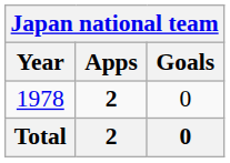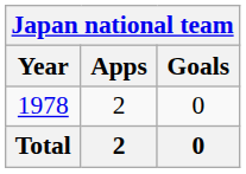 <table class="wikitable" style="text-align:center">
 <tr>
 <th colspan=3><a href='#'>Japan national team</a></th>
 </tr>
 <tr>
 <th>Year</th>
 <th>Apps</th>
 <th>Goals</th>
 </tr>
 <tr>
 <td><a href='#'>1978</a></td>
-<td><strong>2</strong></td>
+<td>2</td>
 <td>0</td>
 </tr>
 <tr>
 <th>Total</th>
 <th>2</th>
 <th>0</th>
 </tr>
 </table>
